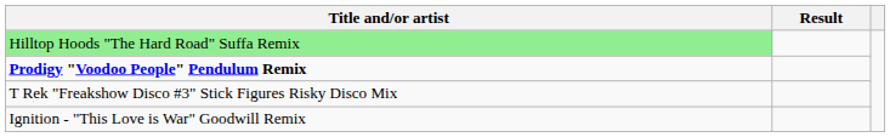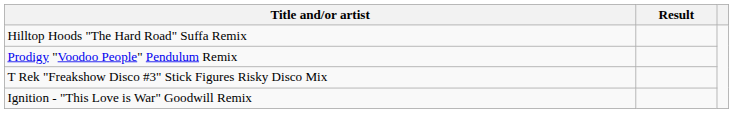 <table class="wikitable" width="100%">
 <tr>
 <th scope="col">Title and/or artist</th>
 <th scope="col">Result</th>
 <th scope="col"></th>
 </tr>
 <tr>
-<td style="background: lightgreen;">Hilltop Hoods "The Hard Road" Suffa Remix</td>
+<td>Hilltop Hoods "The Hard Road" Suffa Remix</td>
 <td></td>
 <td rowspan="4"></td>
 </tr>
 <tr>
-<td><strong><a href='#'>Prodigy</a> "<a href='#'>Voodoo People</a>" <a href='#'>Pendulum</a> Remix</strong></td>
+<td><a href='#'>Prodigy</a> "<a href='#'>Voodoo People</a>" <a href='#'>Pendulum</a> Remix</td>
 <td></td>
 </tr>
 <tr>
 <td>T Rek "Freakshow Disco #3" Stick Figures Risky Disco Mix</td>
 <td></td>
 </tr>
 <tr>
 <td>Ignition - "This Love is War" Goodwill Remix</td>
 <td></td>
 </tr>
 </table>
